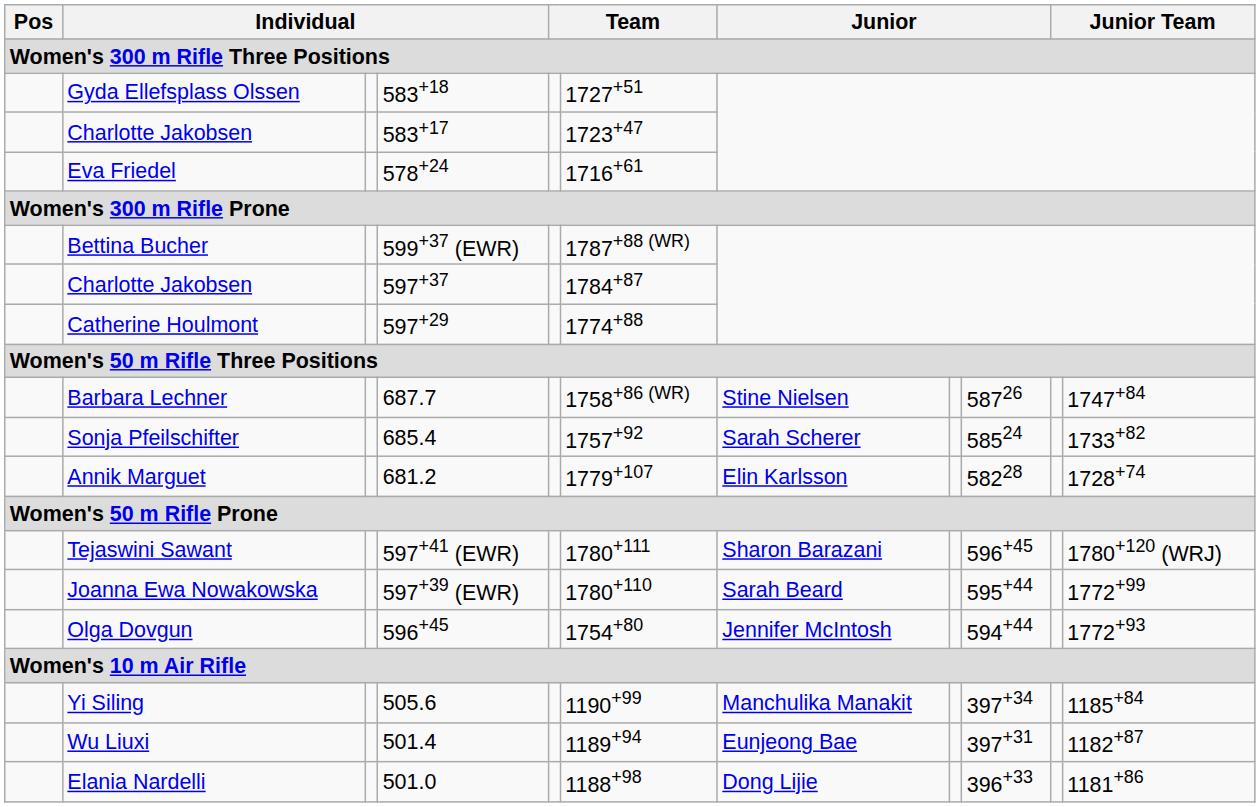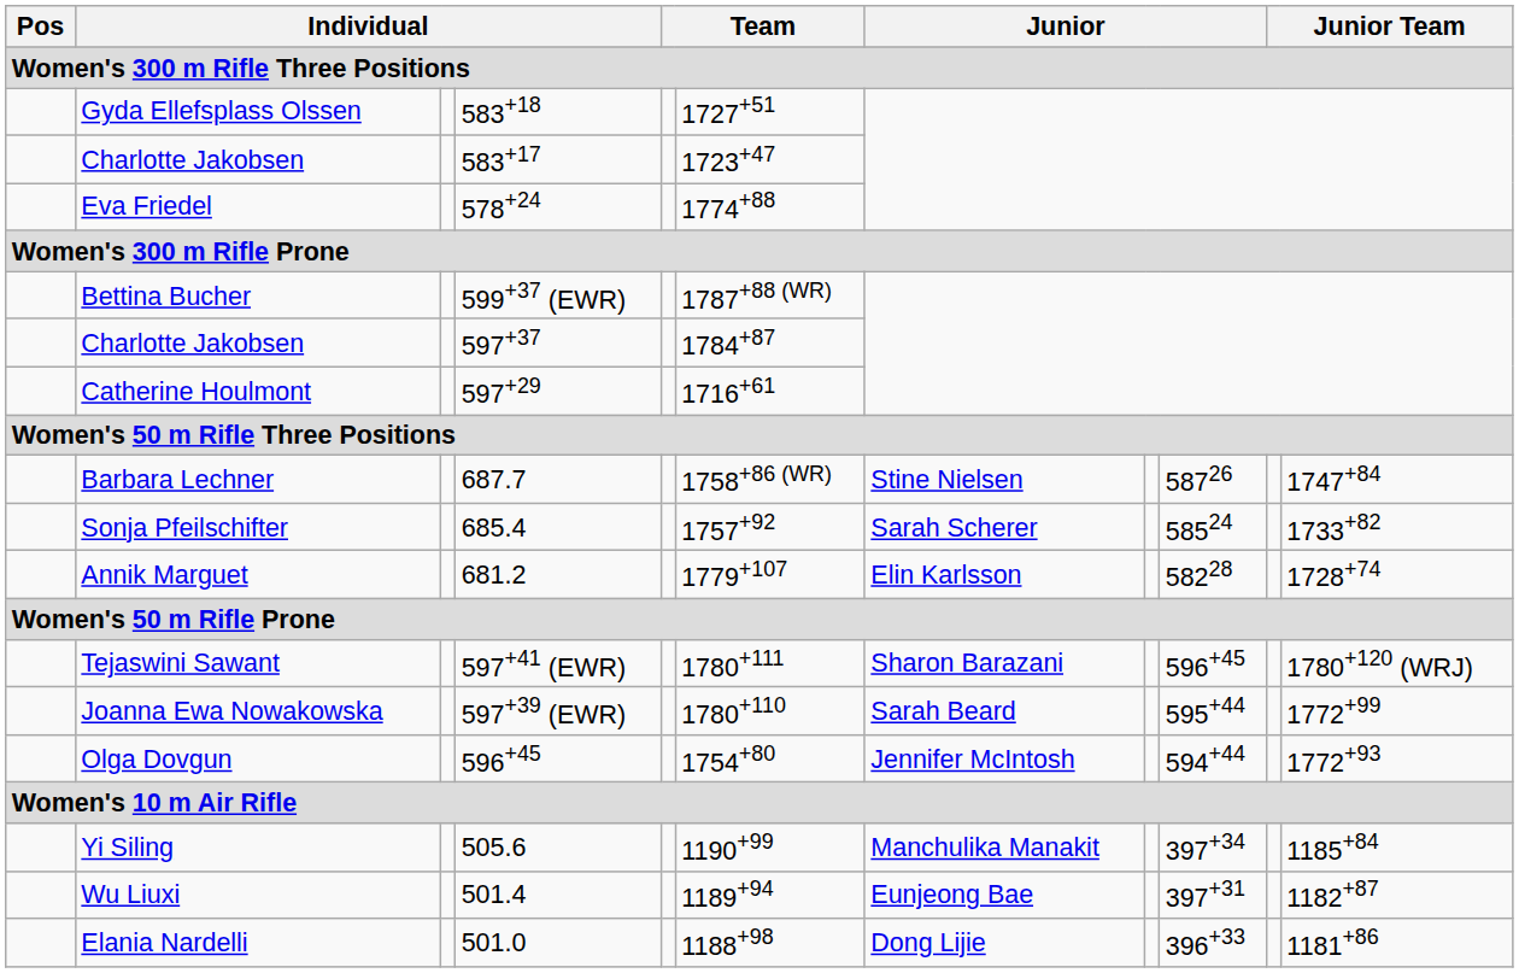 <table class=wikitable style="width:95%; font-size: 90%;">
 <tr>
 <th>Pos</th>
 <th colspan=3>Individual</th>
 <th colspan=2>Team</th>
 <th colspan=3>Junior</th>
 <th colspan=3>Junior Team</th>
 </tr>
 <tr>
 <td colspan=11 style="background:#dcdcdc"><strong>Women's <a href='#'>300 m Rifle</a> Three Positions</strong></td>
 </tr>
 <tr>
 <td></td>
 <td><a href='#'>Gyda Ellefsplass Olssen</a></td>
 <td></td>
 <td>583<sup>+18</sup></td>
 <td></td>
 <td>1727<sup>+51</sup></td>
 <td colspan=5 rowspan=3></td>
 </tr>
 <tr>
 <td></td>
 <td><a href='#'>Charlotte Jakobsen</a></td>
 <td></td>
 <td>583<sup>+17</sup></td>
 <td></td>
 <td>1723<sup>+47</sup></td>
 </tr>
 <tr>
 <td></td>
 <td><a href='#'>Eva Friedel</a></td>
 <td></td>
 <td>578<sup>+24</sup></td>
 <td></td>
-<td>1716<sup>+61</sup></td>
+<td>1774<sup>+88</sup></td>
 </tr>
 <tr>
 <td colspan=11 style="background:#dcdcdc"><strong>Women's <a href='#'>300 m Rifle</a> Prone</strong></td>
 </tr>
 <tr>
 <td></td>
 <td><a href='#'>Bettina Bucher</a></td>
 <td></td>
 <td>599<sup>+37</sup> (EWR)</td>
 <td></td>
 <td>1787<sup>+88 (WR)</sup></td>
 <td colspan=5 rowspan=3></td>
 </tr>
 <tr>
 <td></td>
 <td><a href='#'>Charlotte Jakobsen</a></td>
 <td></td>
 <td>597<sup>+37</sup></td>
 <td></td>
 <td>1784<sup>+87</sup></td>
 </tr>
 <tr>
 <td></td>
 <td><a href='#'>Catherine Houlmont</a></td>
 <td></td>
 <td>597<sup>+29</sup></td>
 <td></td>
-<td>1774<sup>+88</sup></td>
+<td>1716<sup>+61</sup></td>
 </tr>
 <tr>
 <td colspan=11 style="background:#dcdcdc"><strong>Women's <a href='#'>50 m Rifle</a> Three Positions</strong></td>
 </tr>
 <tr>
 <td></td>
 <td><a href='#'>Barbara Lechner</a></td>
 <td></td>
 <td>687.7</td>
 <td></td>
 <td>1758<sup>+86 (WR)</sup></td>
 <td><a href='#'>Stine Nielsen</a></td>
 <td></td>
 <td>587<sup>26</sup></td>
 <td></td>
 <td>1747<sup>+84</sup></td>
 </tr>
 <tr>
 <td></td>
 <td><a href='#'>Sonja Pfeilschifter</a></td>
 <td></td>
 <td>685.4</td>
 <td></td>
 <td>1757<sup>+92</sup></td>
 <td><a href='#'>Sarah Scherer</a></td>
 <td></td>
 <td>585<sup>24</sup></td>
 <td></td>
 <td>1733<sup>+82</sup></td>
 </tr>
 <tr>
 <td></td>
 <td><a href='#'>Annik Marguet</a></td>
 <td></td>
 <td>681.2</td>
 <td></td>
 <td>1779<sup>+107</sup></td>
 <td><a href='#'>Elin Karlsson</a></td>
 <td></td>
 <td>582<sup>28</sup></td>
 <td></td>
 <td>1728<sup>+74</sup></td>
 </tr>
 <tr>
 <td colspan=11 style="background:#dcdcdc"><strong>Women's <a href='#'>50 m Rifle</a> Prone</strong></td>
 </tr>
 <tr>
 <td></td>
 <td><a href='#'>Tejaswini Sawant</a></td>
 <td></td>
 <td>597<sup>+41</sup> (EWR)</td>
 <td></td>
 <td>1780<sup>+111</sup></td>
 <td><a href='#'>Sharon Barazani</a></td>
 <td></td>
 <td>596<sup>+45</sup></td>
 <td></td>
 <td>1780<sup>+120</sup> (WRJ)</td>
 </tr>
 <tr>
 <td></td>
 <td><a href='#'>Joanna Ewa Nowakowska</a></td>
 <td></td>
 <td>597<sup>+39</sup> (EWR)</td>
 <td></td>
 <td>1780<sup>+110</sup></td>
 <td><a href='#'>Sarah Beard</a></td>
 <td></td>
 <td>595<sup>+44</sup></td>
 <td></td>
 <td>1772<sup>+99</sup></td>
 </tr>
 <tr>
 <td></td>
 <td><a href='#'>Olga Dovgun</a></td>
 <td></td>
 <td>596<sup>+45</sup></td>
 <td></td>
 <td>1754<sup>+80</sup></td>
 <td><a href='#'>Jennifer McIntosh</a></td>
 <td></td>
 <td>594<sup>+44</sup></td>
 <td></td>
 <td>1772<sup>+93</sup></td>
 </tr>
 <tr>
 <td colspan=11 style="background:#dcdcdc"><strong>Women's <a href='#'>10 m Air Rifle</a></strong></td>
 </tr>
 <tr>
 <td></td>
 <td><a href='#'>Yi Siling</a></td>
 <td></td>
 <td>505.6</td>
 <td></td>
 <td>1190<sup>+99</sup></td>
 <td><a href='#'>Manchulika Manakit</a></td>
 <td></td>
 <td>397<sup>+34</sup></td>
 <td></td>
 <td>1185<sup>+84</sup></td>
 </tr>
 <tr>
 <td></td>
 <td><a href='#'>Wu Liuxi</a></td>
 <td></td>
 <td>501.4</td>
 <td></td>
 <td>1189<sup>+94</sup></td>
 <td><a href='#'>Eunjeong Bae</a></td>
 <td></td>
 <td>397<sup>+31</sup></td>
 <td></td>
 <td>1182<sup>+87</sup></td>
 </tr>
 <tr>
 <td></td>
 <td><a href='#'>Elania Nardelli</a></td>
 <td></td>
 <td>501.0</td>
 <td></td>
 <td>1188<sup>+98</sup></td>
 <td><a href='#'>Dong Lijie</a></td>
 <td></td>
 <td>396<sup>+33</sup></td>
 <td></td>
 <td>1181<sup>+86</sup></td>
 </tr>
 </table>
